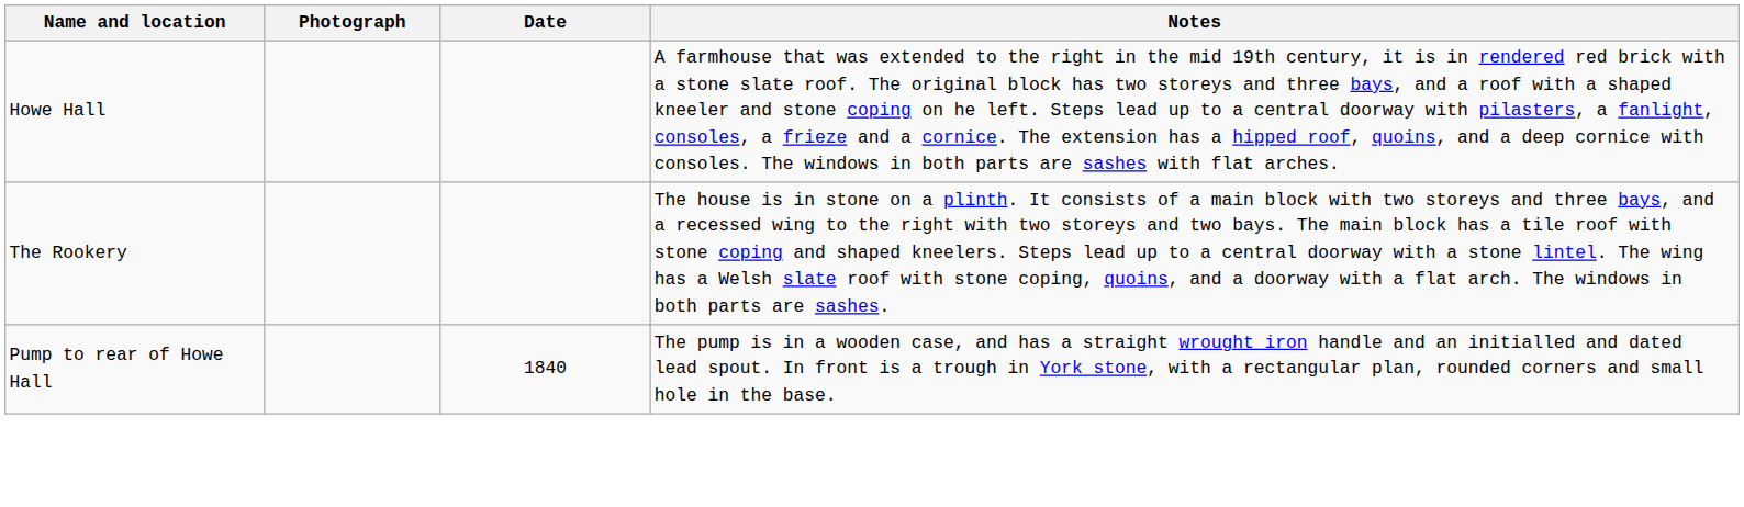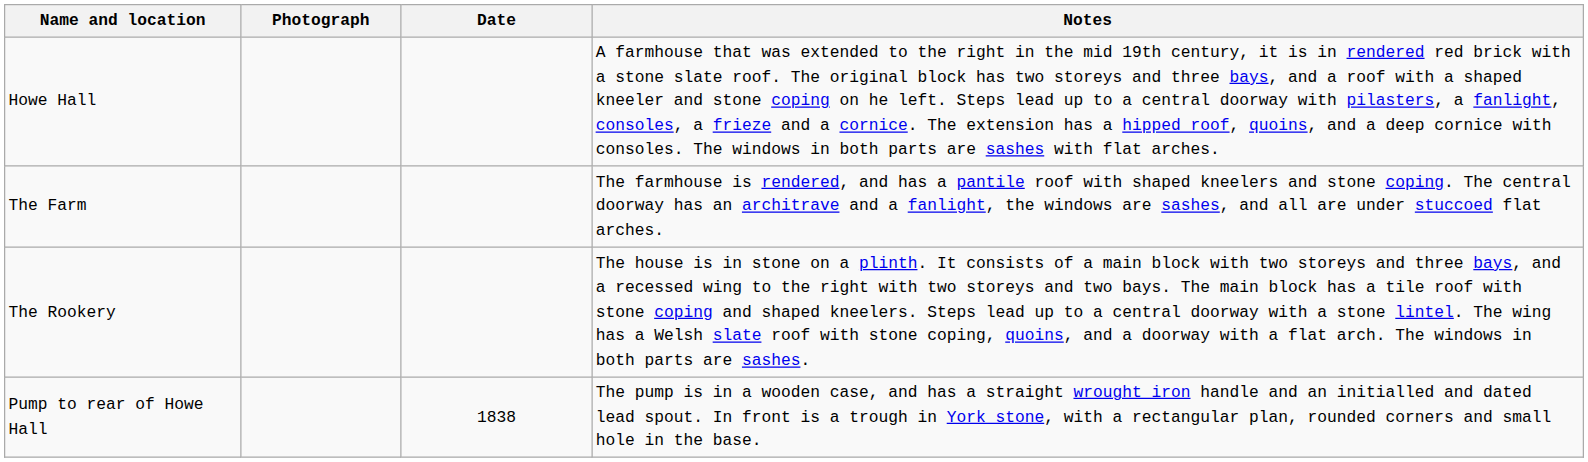 <table class="wikitable sortable plainrowheaders" style="width:100%;border:0px;text-align:left;line-height:150%;">
 <tr>
 <th scope="col"  style="width:150px">Name and location</th>
 <th scope="col"  style="width:100px" class="unsortable">Photograph</th>
 <th scope="col"  style="width:120px">Date</th>
 <th scope="col"  style="width:650px" class="unsortable">Notes</th>
 </tr>
 <tr>
 <td>Howe Hall<br><small></small></td>
 <td></td>
 <td align="center"></td>
 <td>A farmhouse that was extended to the right in the mid 19th century, it is in <a href='#'>rendered</a> red brick with a stone slate roof. The original block has two storeys and three <a href='#'>bays</a>, and a roof with a shaped kneeler and stone <a href='#'>coping</a> on he left. Steps lead up to a central doorway with <a href='#'>pilasters</a>, a <a href='#'>fanlight</a>, <a href='#'>consoles</a>, a <a href='#'>frieze</a> and a <a href='#'>cornice</a>. The extension has a <a href='#'>hipped roof</a>, <a href='#'>quoins</a>, and a deep cornice with consoles. The windows in both parts are <a href='#'>sashes</a> with flat arches.</td>
 </tr>
 <tr>
+<td>The Farm<br><small></small></td>
+<td></td>
+<td align="center"></td>
+<td>The farmhouse is <a href='#'>rendered</a>, and has a <a href='#'>pantile</a> roof with shaped kneelers and stone <a href='#'>coping</a>. The central doorway has an <a href='#'>architrave</a> and a <a href='#'>fanlight</a>, the windows are <a href='#'>sashes</a>, and all are under <a href='#'>stuccoed</a> flat arches.</td>
+</tr>
+<tr>
 <td>The Rookery<br><small></small></td>
 <td></td>
 <td align="center"></td>
 <td>The house is in stone on a <a href='#'>plinth</a>.  It consists of a main block with two storeys and three <a href='#'>bays</a>, and a recessed wing to the right with two storeys and two bays. The main block has a tile roof with stone <a href='#'>coping</a> and shaped kneelers. Steps lead up to a central doorway with a stone <a href='#'>lintel</a>. The wing has a Welsh <a href='#'>slate</a> roof with stone coping, <a href='#'>quoins</a>, and a doorway with a flat arch. The windows in both parts are <a href='#'>sashes</a>.</td>
 </tr>
 <tr>
 <td>Pump to rear of Howe Hall<br><small></small></td>
 <td></td>
-<td align="center">1840</td>
+<td align="center">1838</td>
 <td>The pump is in a wooden case, and has a straight <a href='#'>wrought iron</a> handle and an initialled and dated lead spout. In front is a trough in <a href='#'>York stone</a>, with a rectangular plan, rounded corners and small hole in the base.</td>
 </tr>
 <tr>
 </tr>
 </table>
